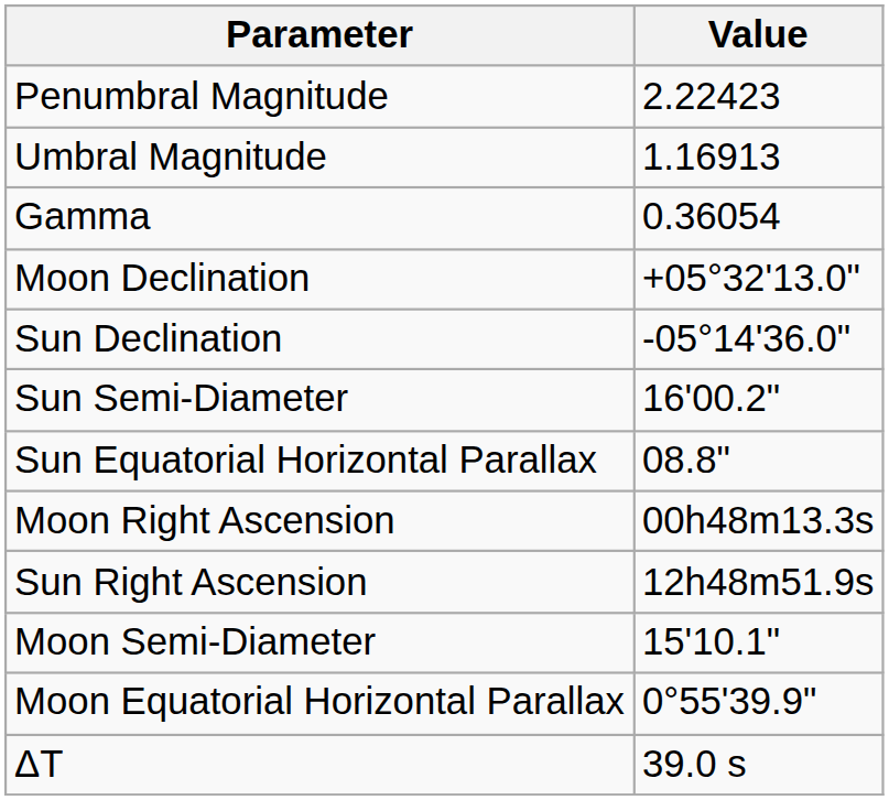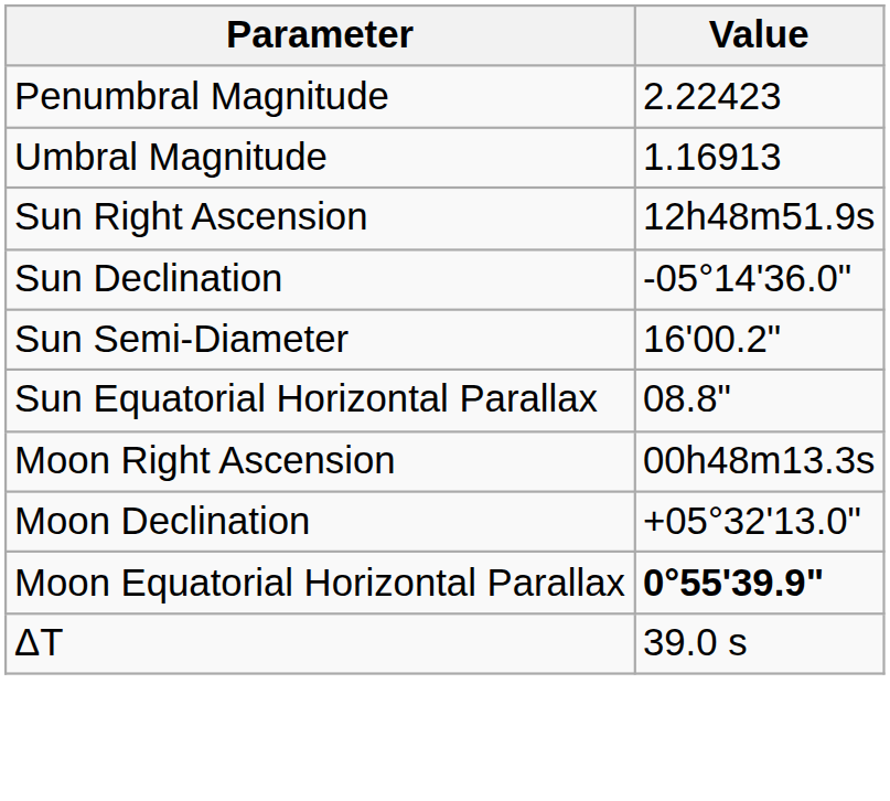 <table class="wikitable">
 <tr>
 <th>Parameter</th>
 <th>Value</th>
 </tr>
 <tr>
 <td>Penumbral Magnitude</td>
 <td>2.22423</td>
 </tr>
 <tr>
 <td>Umbral Magnitude</td>
 <td>1.16913</td>
 </tr>
 <tr>
-<td>Gamma</td>
-<td>0.36054</td>
-</tr>
-<tr>
-<td>Moon Declination</td>
-<td>+05°32'13.0"</td>
+<td>Sun Right Ascension</td>
+<td>12h48m51.9s</td>
 </tr>
 <tr>
 <td>Sun Declination</td>
 <td>-05°14'36.0"</td>
 </tr>
 <tr>
 <td>Sun Semi-Diameter</td>
 <td>16'00.2"</td>
 </tr>
 <tr>
 <td>Sun Equatorial Horizontal Parallax</td>
 <td>08.8"</td>
 </tr>
 <tr>
 <td>Moon Right Ascension</td>
 <td>00h48m13.3s</td>
 </tr>
 <tr>
-<td>Sun Right Ascension</td>
-<td>12h48m51.9s</td>
-</tr>
-<tr>
-<td>Moon Semi-Diameter</td>
-<td>15'10.1"</td>
+<td>Moon Declination</td>
+<td>+05°32'13.0"</td>
 </tr>
 <tr>
 <td>Moon Equatorial Horizontal Parallax</td>
-<td>0°55'39.9"</td>
+<td><strong>0°55'39.9"</strong></td>
 </tr>
 <tr>
 <td>ΔT</td>
 <td>39.0 s</td>
 </tr>
 </table>
